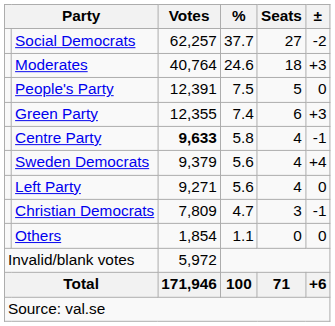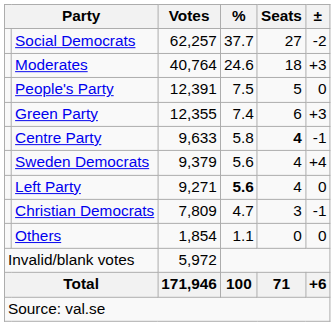 <table class=wikitable style=text-align:right>
 <tr>
 <th colspan=2>Party</th>
 <th>Votes</th>
 <th>%</th>
 <th>Seats</th>
 <th>±</th>
 </tr>
 <tr>
 <td bgcolor=></td>
 <td align=left><a href='#'>Social Democrats</a></td>
 <td>62,257</td>
 <td>37.7</td>
 <td>27</td>
 <td>-2</td>
 </tr>
 <tr>
 <td bgcolor=></td>
 <td align=left><a href='#'>Moderates</a></td>
 <td>40,764</td>
 <td>24.6</td>
 <td>18</td>
 <td>+3</td>
 </tr>
 <tr>
 <td bgcolor=></td>
 <td align=left><a href='#'>People's Party</a></td>
 <td>12,391</td>
 <td>7.5</td>
 <td>5</td>
 <td>0</td>
 </tr>
 <tr>
 <td bgcolor=></td>
 <td align=left><a href='#'>Green Party</a></td>
 <td>12,355</td>
 <td>7.4</td>
 <td>6</td>
 <td>+3</td>
 </tr>
 <tr>
 <td bgcolor=></td>
 <td align=left><a href='#'>Centre Party</a></td>
-<td><strong>9,633</strong></td>
+<td>9,633</td>
 <td>5.8</td>
-<td>4</td>
+<td><strong>4</strong></td>
 <td>-1</td>
 </tr>
 <tr>
 <td bgcolor=></td>
 <td align=left><a href='#'>Sweden Democrats</a></td>
 <td>9,379</td>
 <td>5.6</td>
 <td>4</td>
 <td>+4</td>
 </tr>
 <tr>
 <td bgcolor=></td>
 <td align=left><a href='#'>Left Party</a></td>
 <td>9,271</td>
-<td>5.6</td>
+<td><strong>5.6</strong></td>
 <td>4</td>
 <td>0</td>
 </tr>
 <tr>
 <td bgcolor=></td>
 <td align=left><a href='#'>Christian Democrats</a></td>
 <td>7,809</td>
 <td>4.7</td>
 <td>3</td>
 <td>-1</td>
 </tr>
 <tr>
 <td></td>
 <td align=left><a href='#'>Others</a></td>
 <td>1,854</td>
 <td>1.1</td>
 <td>0</td>
 <td>0</td>
 </tr>
 <tr>
 <td align=left colspan=2>Invalid/blank votes</td>
 <td>5,972</td>
 <td colspan=3></td>
 </tr>
 <tr>
 <th align=left colspan=2>Total</th>
 <th>171,946</th>
 <th>100</th>
 <th>71</th>
 <th>+6</th>
 </tr>
 <tr>
 <td align=left colspan=6>Source: val.se </td>
 </tr>
 </table>
